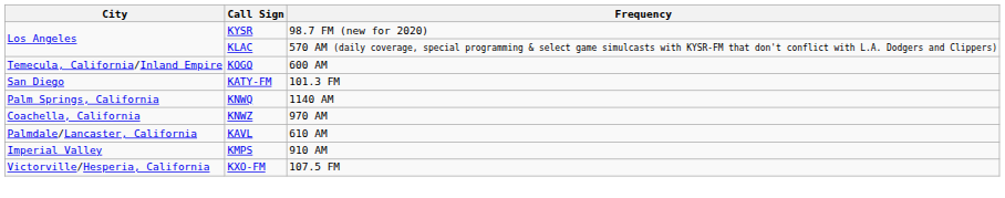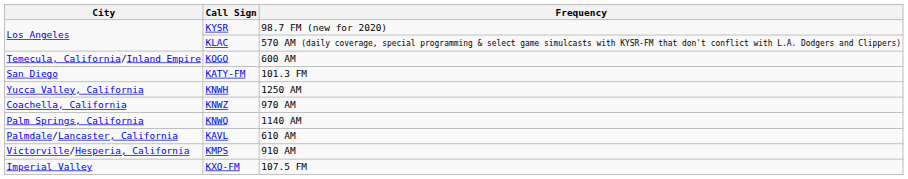 <table class="wikitable">
 <tr>
 <th>City</th>
 <th>Call Sign</th>
 <th>Frequency</th>
 </tr>
 <tr>
 <td rowspan=2><a href='#'>Los Angeles</a></td>
 <td><a href='#'>KYSR</a></td>
 <td>98.7 FM (new for 2020)</td>
 </tr>
 <tr>
 <td><a href='#'>KLAC</a></td>
 <td>570 AM <small>(daily coverage, special programming & select game simulcasts with KYSR-FM that don't conflict with L.A. Dodgers and Clippers)</small></td>
 </tr>
 <tr>
 <td><a href='#'>Temecula, California</a>/<a href='#'>Inland Empire</a></td>
 <td><a href='#'>KOGO</a></td>
 <td>600 AM</td>
 </tr>
 <tr>
 <td><a href='#'>San Diego</a></td>
 <td><a href='#'>KATY-FM</a></td>
 <td>101.3 FM</td>
 </tr>
 <tr>
-<td><a href='#'>Palm Springs, California</a></td>
-<td><a href='#'>KNWQ</a></td>
-<td>1140 AM</td>
+<td><a href='#'>Yucca Valley, California</a></td>
+<td><a href='#'>KNWH</a></td>
+<td>1250 AM</td>
 </tr>
 <tr>
 <td><a href='#'>Coachella, California</a></td>
 <td><a href='#'>KNWZ</a></td>
 <td>970 AM</td>
 </tr>
 <tr>
+<td><a href='#'>Palm Springs, California</a></td>
+<td><a href='#'>KNWQ</a></td>
+<td>1140 AM</td>
+</tr>
+<tr>
 <td><a href='#'>Palmdale</a>/<a href='#'>Lancaster, California</a></td>
 <td><a href='#'>KAVL</a></td>
 <td>610 AM</td>
 </tr>
 <tr>
-<td><a href='#'>Imperial Valley</a></td>
+<td><a href='#'>Victorville</a>/<a href='#'>Hesperia, California</a></td>
 <td><a href='#'>KMPS</a></td>
 <td>910 AM</td>
 </tr>
 <tr>
-<td><a href='#'>Victorville</a>/<a href='#'>Hesperia, California</a></td>
+<td><a href='#'>Imperial Valley</a></td>
 <td><a href='#'>KXO-FM</a></td>
 <td>107.5 FM</td>
 </tr>
 </table>
